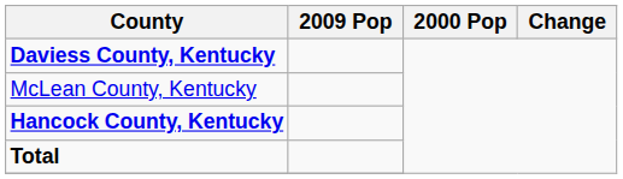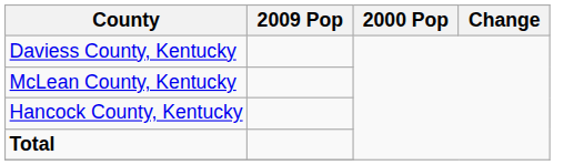 <table class=wikitable>
 <tr>
 <th>County</th>
 <th> 2009 Pop </th>
 <th> 2000 Pop </th>
 <th> Change </th>
 </tr>
 <tr>
-<td><strong><a href='#'>Daviess County, Kentucky</a></strong></td>
+<td><a href='#'>Daviess County, Kentucky</a></td>
 <td></td>
 </tr>
 <tr>
 <td><a href='#'>McLean County, Kentucky</a></td>
 <td></td>
 </tr>
 <tr>
-<td><strong><a href='#'>Hancock County, Kentucky</a></strong></td>
+<td><a href='#'>Hancock County, Kentucky</a></td>
 <td></td>
 </tr>
 <tr>
 <td><strong>Total</strong></td>
 <td></td>
 </tr>
 <tr>
 </tr>
 </table>
